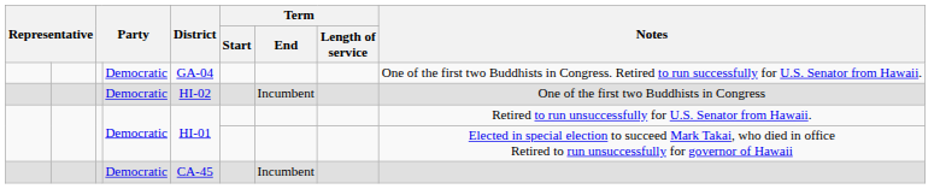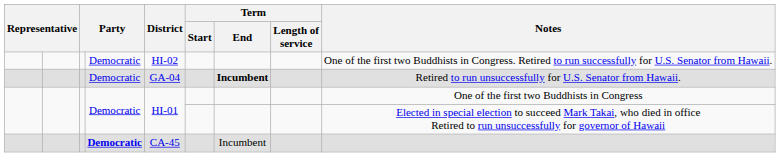 <table class="wikitable sortable" style="text-align:center">
 <tr>
 <th rowspan=2 colspan=2>Representative</th>
 <th rowspan=2 colspan=2>Party</th>
 <th rowspan=2>District</th>
 <th colspan=3>Term</th>
 <th rowspan=2>Notes</th>
 </tr>
 <tr>
 <th>Start</th>
 <th>End</th>
 <th>Length of<br>service</th>
 </tr>
 <tr>
 <td data-sort-value="Hirono, Mazie"></td>
 <td><strong></strong></td>
 <td style="background-color:"></td>
 <td><a href='#'>Democratic</a></td>
-<td><a href='#'>GA-04</a></td>
+<td><a href='#'>HI-02</a></td>
 <td></td>
 <td></td>
 <td></td>
 <td>One of the first two Buddhists in Congress. Retired <a href='#'>to run successfully</a> for <a href='#'>U.S. Senator from Hawaii</a>.</td>
 </tr>
 <tr style="background:#e0e0e0">
 <td data-sort-value="Johnson, Hank"></td>
 <td><strong></strong></td>
 <td style="background-color:"></td>
 <td><a href='#'>Democratic</a></td>
-<td><a href='#'>HI-02</a></td>
+<td><a href='#'>GA-04</a></td>
 <td></td>
-<td>Incumbent</td>
+<td><strong>Incumbent</strong></td>
 <td></td>
-<td>One of the first two Buddhists in Congress</td>
+<td>Retired <a href='#'>to run unsuccessfully</a> for <a href='#'>U.S. Senator from Hawaii</a>.</td>
 </tr>
 <tr>
 <td rowspan=2 data-sort-value="Hanabusa, Colleen"></td>
 <td rowspan=2><strong></strong></td>
 <td rowspan=2 style="background-color:"></td>
 <td rowspan=2><a href='#'>Democratic</a></td>
 <td rowspan=2><a href='#'>HI-01</a></td>
 <td></td>
 <td></td>
 <td><br></td>
-<td>Retired <a href='#'>to run unsuccessfully</a> for <a href='#'>U.S. Senator from Hawaii</a>.</td>
+<td>One of the first two Buddhists in Congress</td>
 </tr>
 <tr>
 <td></td>
 <td></td>
 <td></td>
 <td><a href='#'>Elected in special election</a> to succeed <a href='#'>Mark Takai</a>, who died in office<br>Retired to <a href='#'>run unsuccessfully</a> for <a href='#'>governor of Hawaii</a></td>
 </tr>
 <tr style="background:#e0e0e0">
 <td data-sort-value="Tran, Derek"></td>
 <td><strong></strong></td>
 <td style="background-color:"></td>
-<td><a href='#'>Democratic</a></td>
+<td><strong><a href='#'>Democratic</a></strong></td>
 <td><a href='#'>CA-45</a></td>
 <td></td>
 <td>Incumbent</td>
 <td></td>
 <td></td>
 </tr>
 </table>
